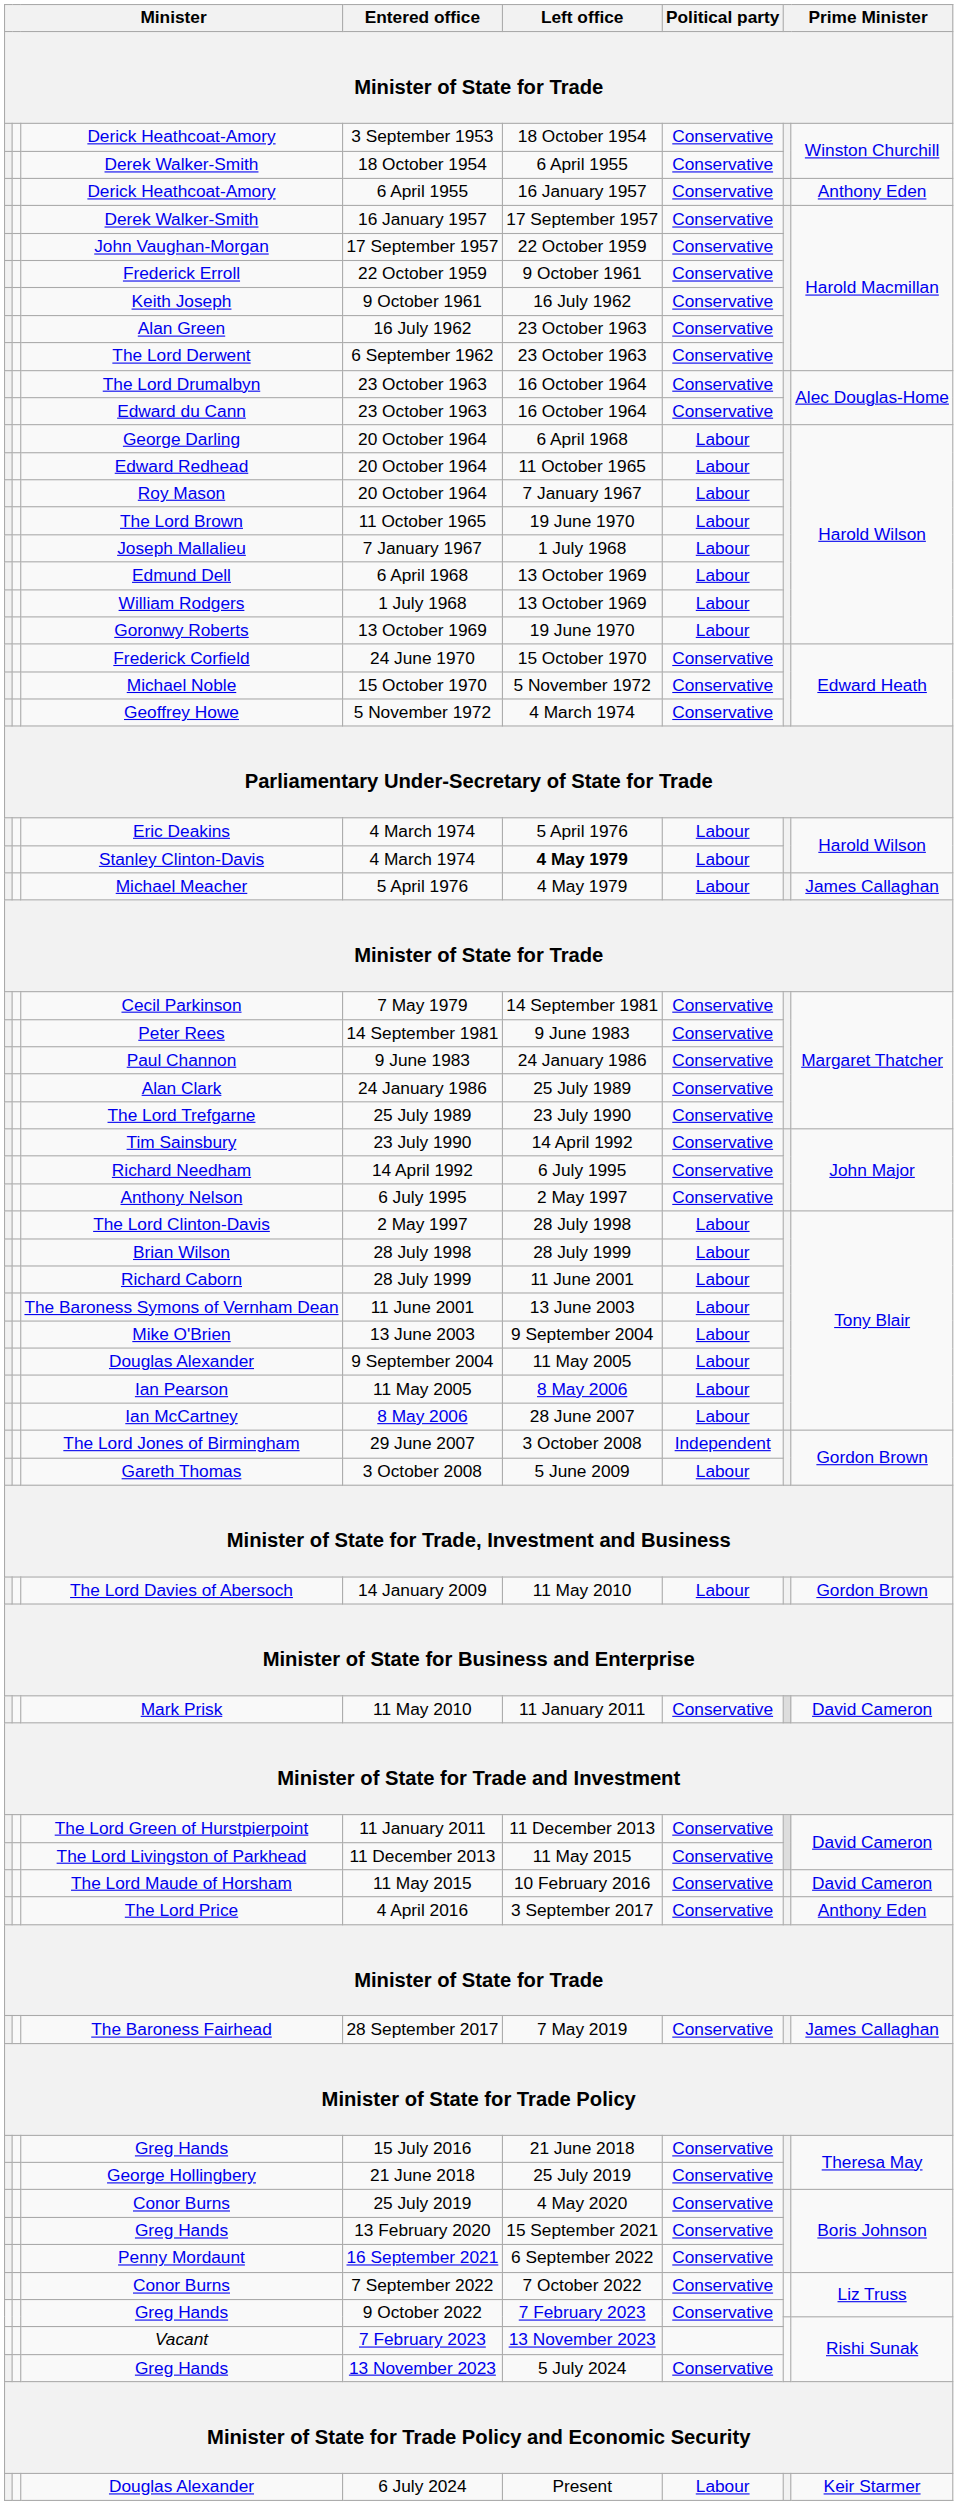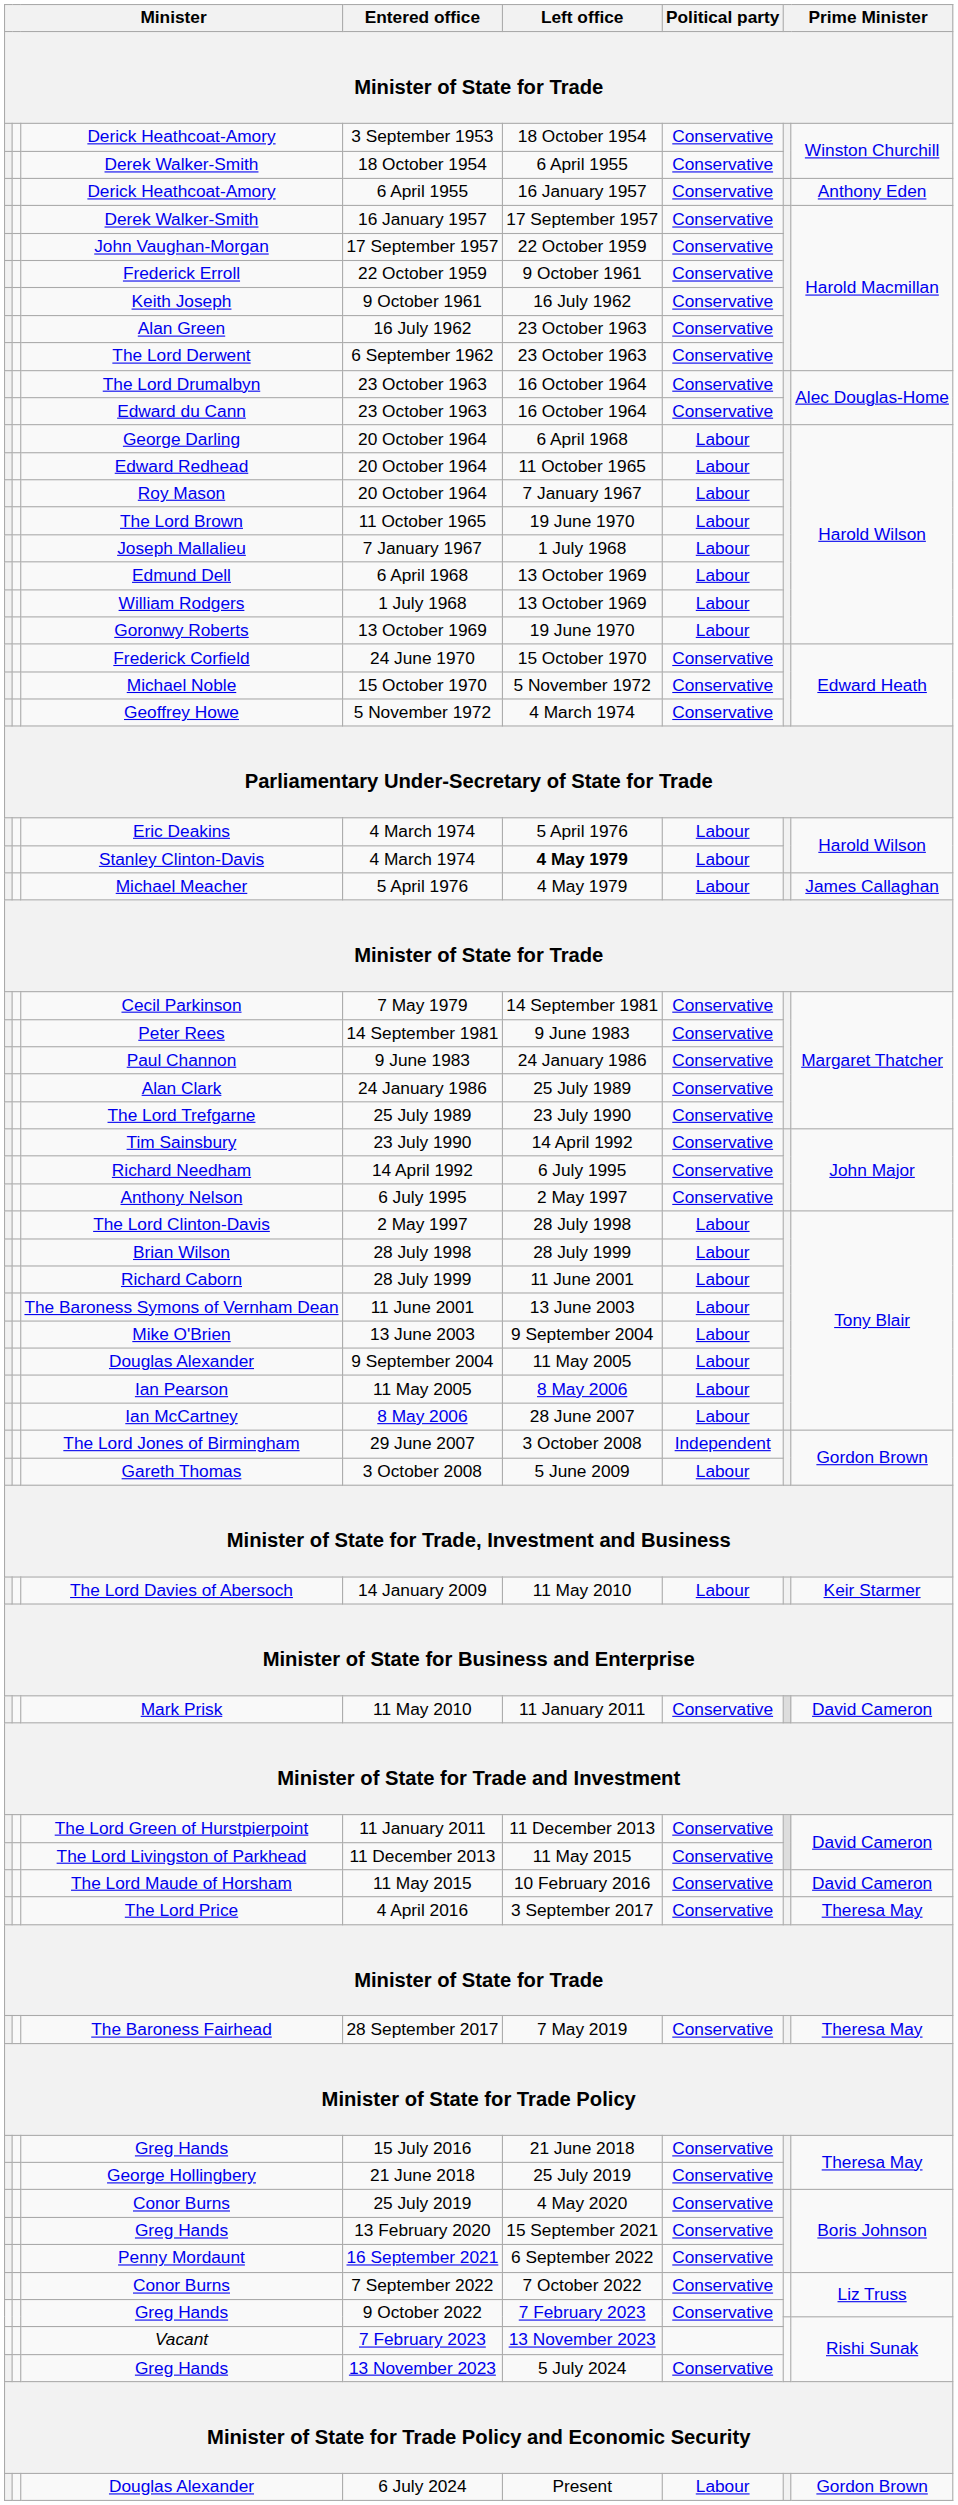 <table class="wikitable" style="text-align:center">
 <tr>
 <th colspan=3>Minister</th>
 <th>Entered office</th>
 <th>Left office</th>
 <th>Political party</th>
 <th colspan=2>Prime Minister</th>
 </tr>
 <tr>
 <th colspan=99><br><h3>Minister of State for Trade</h3></th>
 </tr>
 <tr style="height:1em">
 <th style="background-color:"></th>
 <td></td>
 <td><a href='#'>Derick Heathcoat-Amory</a></td>
 <td>3 September 1953</td>
 <td>18 October 1954</td>
 <td><a href='#'>Conservative</a></td>
 <th rowspan=2 style="background-color:"></th>
 <td rowspan=2><a href='#'>Winston Churchill</a></td>
 </tr>
 <tr style="height:1em">
 <th style="background-color:"></th>
 <td></td>
 <td><a href='#'>Derek Walker-Smith</a></td>
 <td>18 October 1954</td>
 <td>6 April 1955</td>
 <td><a href='#'>Conservative</a></td>
 </tr>
 <tr style="height:1em">
 <th style="background-color:"></th>
 <td></td>
 <td><a href='#'>Derick Heathcoat-Amory</a></td>
 <td>6 April 1955</td>
 <td>16 January 1957</td>
 <td><a href='#'>Conservative</a></td>
 <th style="background-color:"></th>
 <td><a href='#'>Anthony Eden</a></td>
 </tr>
 <tr style="height:1em">
 <th style="background-color:"></th>
 <td></td>
 <td><a href='#'>Derek Walker-Smith</a></td>
 <td>16 January 1957</td>
 <td>17 September 1957</td>
 <td><a href='#'>Conservative</a></td>
 <th rowspan=6 style="background-color:"></th>
 <td rowspan=6><a href='#'>Harold Macmillan</a></td>
 </tr>
 <tr style="height:1em">
 <th style="background-color:"></th>
 <td></td>
 <td><a href='#'>John Vaughan-Morgan</a></td>
 <td>17 September 1957</td>
 <td>22 October 1959</td>
 <td><a href='#'>Conservative</a></td>
 </tr>
 <tr style="height:1em">
 <th style="background-color:"></th>
 <td></td>
 <td><a href='#'>Frederick Erroll</a></td>
 <td>22 October 1959</td>
 <td>9 October 1961</td>
 <td><a href='#'>Conservative</a></td>
 </tr>
 <tr style="height:1em">
 <th style="background-color:"></th>
 <td></td>
 <td><a href='#'>Keith Joseph</a></td>
 <td>9 October 1961</td>
 <td>16 July 1962</td>
 <td><a href='#'>Conservative</a></td>
 </tr>
 <tr style="height:1em">
 <th style="background-color:"></th>
 <td></td>
 <td><a href='#'>Alan Green</a></td>
 <td>16 July 1962</td>
 <td>23 October 1963</td>
 <td><a href='#'>Conservative</a></td>
 </tr>
 <tr style="height:1em">
 <th style="background-color:"></th>
 <td></td>
 <td><a href='#'>The Lord Derwent</a></td>
 <td>6 September 1962</td>
 <td>23 October 1963</td>
 <td><a href='#'>Conservative</a></td>
 </tr>
 <tr style="height:1em">
 <th style="background-color:"></th>
 <td></td>
 <td><a href='#'>The Lord Drumalbyn</a></td>
 <td>23 October 1963</td>
 <td>16 October 1964</td>
 <td><a href='#'>Conservative</a></td>
 <th rowspan=2 style="background-color:"></th>
 <td rowspan=2><a href='#'>Alec Douglas-Home</a></td>
 </tr>
 <tr style="height:1em">
 <th style="background-color:"></th>
 <td></td>
 <td><a href='#'>Edward du Cann</a></td>
 <td>23 October 1963</td>
 <td>16 October 1964</td>
 <td><a href='#'>Conservative</a></td>
 </tr>
 <tr style="height:1em">
 <th style="background-color:"></th>
 <td></td>
 <td><a href='#'>George Darling</a></td>
 <td>20 October 1964</td>
 <td>6 April 1968</td>
 <td><a href='#'>Labour</a></td>
 <th rowspan=8 style="background-color:"></th>
 <td rowspan=8><a href='#'>Harold Wilson</a></td>
 </tr>
 <tr style="height:1em">
 <th style="background-color:"></th>
 <td></td>
 <td><a href='#'>Edward Redhead</a></td>
 <td>20 October 1964</td>
 <td>11 October 1965</td>
 <td><a href='#'>Labour</a></td>
 </tr>
 <tr style="height:1em">
 <th style="background-color:"></th>
 <td></td>
 <td><a href='#'>Roy Mason</a></td>
 <td>20 October 1964</td>
 <td>7 January 1967</td>
 <td><a href='#'>Labour</a></td>
 </tr>
 <tr style="height:1em">
 <th style="background-color:"></th>
 <td></td>
 <td><a href='#'>The Lord Brown</a></td>
 <td>11 October 1965</td>
 <td>19 June 1970</td>
 <td><a href='#'>Labour</a></td>
 </tr>
 <tr style="height:1em">
 <th style="background-color:"></th>
 <td></td>
 <td><a href='#'>Joseph Mallalieu</a></td>
 <td>7 January 1967</td>
 <td>1 July 1968</td>
 <td><a href='#'>Labour</a></td>
 </tr>
 <tr style="height:1em">
 <th style="background-color:"></th>
 <td></td>
 <td><a href='#'>Edmund Dell</a></td>
 <td>6 April 1968</td>
 <td>13 October 1969</td>
 <td><a href='#'>Labour</a></td>
 </tr>
 <tr style="height:1em">
 <th style="background-color:"></th>
 <td></td>
 <td><a href='#'>William Rodgers</a></td>
 <td>1 July 1968</td>
 <td>13 October 1969</td>
 <td><a href='#'>Labour</a></td>
 </tr>
 <tr style="height:1em">
 <th style="background-color:"></th>
 <td></td>
 <td><a href='#'>Goronwy Roberts</a></td>
 <td>13 October 1969</td>
 <td>19 June 1970</td>
 <td><a href='#'>Labour</a></td>
 </tr>
 <tr style="height:1em">
 <th style="background-color:"></th>
 <td></td>
 <td><a href='#'>Frederick Corfield</a></td>
 <td>24 June 1970</td>
 <td>15 October 1970</td>
 <td><a href='#'>Conservative</a></td>
 <th rowspan=3 style="background-color:"></th>
 <td rowspan=3><a href='#'>Edward Heath</a></td>
 </tr>
 <tr style="height:1em">
 <th style="background-color:"></th>
 <td></td>
 <td><a href='#'>Michael Noble</a></td>
 <td>15 October 1970</td>
 <td>5 November 1972</td>
 <td><a href='#'>Conservative</a></td>
 </tr>
 <tr style="height:1em">
 <th style="background-color:"></th>
 <td></td>
 <td><a href='#'>Geoffrey Howe</a></td>
 <td>5 November 1972</td>
 <td>4 March 1974</td>
 <td><a href='#'>Conservative</a></td>
 </tr>
 <tr>
 <th colspan=99><br><h3>Parliamentary Under-Secretary of State for Trade</h3></th>
 </tr>
 <tr style="height:1em">
 <th style="background-color:"></th>
 <td></td>
 <td><a href='#'>Eric Deakins</a></td>
 <td>4 March 1974</td>
 <td>5 April 1976</td>
 <td><a href='#'>Labour</a></td>
 <th rowspan=2 style="background-color:"></th>
 <td rowspan=2><a href='#'>Harold Wilson</a></td>
 </tr>
 <tr style="height:1em">
 <th style="background-color:"></th>
 <td></td>
 <td><a href='#'>Stanley Clinton-Davis</a></td>
 <td>4 March 1974</td>
 <td><strong>4 May 1979</strong></td>
 <td><a href='#'>Labour</a></td>
 </tr>
 <tr style="height:1em">
 <th style="background-color:"></th>
 <td></td>
 <td><a href='#'>Michael Meacher</a></td>
 <td>5 April 1976</td>
 <td>4 May 1979</td>
 <td><a href='#'>Labour</a></td>
 <th style="background-color:"></th>
 <td><a href='#'>James Callaghan</a></td>
 </tr>
 <tr>
 <th colspan=99><br><h3>Minister of State for Trade</h3></th>
 </tr>
 <tr style="height:1em">
 <th style="background-color:"></th>
 <td></td>
 <td><a href='#'>Cecil Parkinson</a></td>
 <td>7 May 1979</td>
 <td>14 September 1981</td>
 <td><a href='#'>Conservative</a></td>
 <th rowspan=5 style="background-color:"></th>
 <td rowspan=5><a href='#'>Margaret Thatcher</a></td>
 </tr>
 <tr style="height:1em">
 <th style="background-color:"></th>
 <td></td>
 <td><a href='#'>Peter Rees</a></td>
 <td>14 September 1981</td>
 <td>9 June 1983</td>
 <td><a href='#'>Conservative</a></td>
 </tr>
 <tr style="height:1em">
 <th style="background-color:"></th>
 <td></td>
 <td><a href='#'>Paul Channon</a></td>
 <td>9 June 1983</td>
 <td>24 January 1986</td>
 <td><a href='#'>Conservative</a></td>
 </tr>
 <tr style="height:1em">
 <th style="background-color:"></th>
 <td></td>
 <td><a href='#'>Alan Clark</a></td>
 <td>24 January 1986</td>
 <td>25 July 1989</td>
 <td><a href='#'>Conservative</a></td>
 </tr>
 <tr style="height:1em">
 <th style="background-color:"></th>
 <td></td>
 <td><a href='#'>The Lord Trefgarne</a></td>
 <td>25 July 1989</td>
 <td>23 July 1990</td>
 <td><a href='#'>Conservative</a></td>
 </tr>
 <tr style="height:1em">
 <th style="background-color:"></th>
 <td></td>
 <td><a href='#'>Tim Sainsbury</a></td>
 <td>23 July 1990</td>
 <td>14 April 1992</td>
 <td><a href='#'>Conservative</a></td>
 <th rowspan=3 style="background-color:"></th>
 <td rowspan=3><a href='#'>John Major</a></td>
 </tr>
 <tr style="height:1em">
 <th style="background-color:"></th>
 <td></td>
 <td><a href='#'>Richard Needham</a></td>
 <td>14 April 1992</td>
 <td>6 July 1995</td>
 <td><a href='#'>Conservative</a></td>
 </tr>
 <tr style="height:1em">
 <th style="background-color:"></th>
 <td></td>
 <td><a href='#'>Anthony Nelson</a></td>
 <td>6 July 1995</td>
 <td>2 May 1997</td>
 <td><a href='#'>Conservative</a></td>
 </tr>
 <tr style="height:1em">
 <th style="background-color:"></th>
 <td></td>
 <td><a href='#'>The Lord Clinton-Davis</a></td>
 <td>2 May 1997</td>
 <td>28 July 1998</td>
 <td><a href='#'>Labour</a></td>
 <th rowspan=8 style="background-color:"></th>
 <td rowspan=8><a href='#'>Tony Blair</a></td>
 </tr>
 <tr style="height:1em">
 <th style="background-color:"></th>
 <td></td>
 <td><a href='#'>Brian Wilson</a></td>
 <td>28 July 1998</td>
 <td>28 July 1999</td>
 <td><a href='#'>Labour</a></td>
 </tr>
 <tr style="height:1em">
 <th style="background-color:"></th>
 <td></td>
 <td><a href='#'>Richard Caborn</a></td>
 <td>28 July 1999</td>
 <td>11 June 2001</td>
 <td><a href='#'>Labour</a></td>
 </tr>
 <tr style="height:1em">
 <th style="background-color:"></th>
 <td></td>
 <td><a href='#'>The Baroness Symons of Vernham Dean</a></td>
 <td>11 June 2001</td>
 <td>13 June 2003</td>
 <td><a href='#'>Labour</a></td>
 </tr>
 <tr style="height:1em">
 <th style="background-color:"></th>
 <td></td>
 <td><a href='#'>Mike O'Brien</a></td>
 <td>13 June 2003</td>
 <td>9 September 2004</td>
 <td><a href='#'>Labour</a></td>
 </tr>
 <tr style="height:1em">
 <th style="background-color:"></th>
 <td></td>
 <td><a href='#'>Douglas Alexander</a></td>
 <td>9 September 2004</td>
 <td>11 May 2005</td>
 <td><a href='#'>Labour</a></td>
 </tr>
 <tr style="height:1em">
 <th style="background-color:"></th>
 <td></td>
 <td><a href='#'>Ian Pearson</a></td>
 <td>11 May 2005</td>
 <td><a href='#'>8 May 2006</a></td>
 <td><a href='#'>Labour</a></td>
 </tr>
 <tr style="height:1em">
 <th style="background-color:"></th>
 <td></td>
 <td><a href='#'>Ian McCartney</a></td>
 <td><a href='#'>8 May 2006</a></td>
 <td>28 June 2007</td>
 <td><a href='#'>Labour</a></td>
 </tr>
 <tr style="height:1em">
 <th style="background-color:"></th>
 <td></td>
 <td><a href='#'>The Lord Jones of Birmingham</a></td>
 <td>29 June 2007</td>
 <td>3 October 2008</td>
 <td><a href='#'>Independent</a></td>
 <th rowspan=2 style="background-color:"></th>
 <td rowspan=2><a href='#'>Gordon Brown</a></td>
 </tr>
 <tr style="height:1em">
 <th style="background-color:"></th>
 <td></td>
 <td><a href='#'>Gareth Thomas</a></td>
 <td>3 October 2008</td>
 <td>5 June 2009</td>
 <td><a href='#'>Labour</a></td>
 </tr>
 <tr>
 <th colspan=99><br><h3>Minister of State for Trade, Investment and Business</h3></th>
 </tr>
 <tr style="height:1em">
 <th style="background-color:"></th>
 <td></td>
 <td><a href='#'>The Lord Davies of Abersoch</a></td>
 <td>14 January 2009</td>
 <td>11 May 2010</td>
 <td><a href='#'>Labour</a></td>
 <th style="background-color:"></th>
-<td><a href='#'>Gordon Brown</a></td>
+<td><a href='#'>Keir Starmer</a></td>
 </tr>
 <tr>
 <th colspan=99><br><h3>Minister of State for Business and Enterprise</h3></th>
 </tr>
 <tr style="height:1em">
 <th style="background-color:"></th>
 <td></td>
 <td><a href='#'>Mark Prisk</a></td>
 <td>11 May 2010</td>
 <td>11 January 2011</td>
 <td><a href='#'>Conservative</a></td>
 <th style="background-color:#ddd"></th>
 <td><a href='#'>David Cameron</a></td>
 </tr>
 <tr>
 <th colspan=99><br><h3>Minister of State for Trade and Investment</h3></th>
 </tr>
 <tr style="height:1em">
 <th style="background-color:"></th>
 <td></td>
 <td><a href='#'>The Lord Green of Hurstpierpoint</a></td>
 <td>11 January 2011</td>
 <td>11 December 2013</td>
 <td><a href='#'>Conservative</a></td>
 <th rowspan=2 style="background-color:#ddd"></th>
 <td rowspan=2><a href='#'>David Cameron</a></td>
 </tr>
 <tr style="height:1em">
 <th style="background-color:"></th>
 <td></td>
 <td><a href='#'>The Lord Livingston of Parkhead</a></td>
 <td>11 December 2013</td>
 <td>11 May 2015</td>
 <td><a href='#'>Conservative</a></td>
 </tr>
 <tr style="height:1em">
 <th style="background-color:"></th>
 <td></td>
 <td><a href='#'>The Lord Maude of Horsham</a></td>
 <td>11 May 2015</td>
 <td>10 February 2016</td>
 <td><a href='#'>Conservative</a></td>
 <th style="background-color:"></th>
 <td><a href='#'>David Cameron</a></td>
 </tr>
 <tr style="height:1em">
 <th style="background-color:"></th>
 <td></td>
 <td><a href='#'>The Lord Price</a></td>
 <td>4 April 2016</td>
 <td>3 September 2017</td>
 <td><a href='#'>Conservative</a></td>
 <th style="background-color:"></th>
-<td><a href='#'>Anthony Eden</a></td>
+<td><a href='#'>Theresa May</a></td>
 </tr>
 <tr>
 <th colspan=99><br><h3>Minister of State for Trade</h3></th>
 </tr>
 <tr style="height:1em">
 <th style="background-color:"></th>
 <td></td>
 <td><a href='#'>The Baroness Fairhead</a></td>
 <td>28 September 2017</td>
 <td>7 May 2019</td>
 <td><a href='#'>Conservative</a></td>
 <th style="background-color:"></th>
-<td><a href='#'>James Callaghan</a></td>
+<td><a href='#'>Theresa May</a></td>
 </tr>
 <tr>
 <th colspan=99><br><h3>Minister of State for Trade Policy</h3></th>
 </tr>
 <tr style="height:1em">
 <th style="background-color:"></th>
 <td></td>
 <td><a href='#'>Greg Hands</a></td>
 <td>15 July 2016</td>
 <td>21 June 2018</td>
 <td><a href='#'>Conservative</a></td>
 <th rowspan=2 style="background-color:"></th>
 <td rowspan=2><a href='#'>Theresa May</a></td>
 </tr>
 <tr style="height:1em">
 <th style="background-color:"></th>
 <td></td>
 <td><a href='#'>George Hollingbery</a></td>
 <td>21 June 2018</td>
 <td>25 July 2019</td>
 <td><a href='#'>Conservative</a></td>
 </tr>
 <tr style="height:1em">
 <th style="background-color:"></th>
 <td></td>
 <td><a href='#'>Conor Burns</a></td>
 <td>25 July 2019</td>
 <td>4 May 2020</td>
 <td><a href='#'>Conservative</a></td>
 <th rowspan=3 style="background-color:"></th>
 <td rowspan=3><a href='#'>Boris Johnson</a></td>
 </tr>
 <tr style="height:1em">
 <th style="background-color:"></th>
 <td></td>
 <td><a href='#'>Greg Hands</a></td>
 <td>13 February 2020</td>
 <td>15 September 2021</td>
 <td><a href='#'>Conservative</a></td>
 </tr>
 <tr style="height:1em">
 <th style="background-color:"></th>
 <td></td>
 <td><a href='#'>Penny Mordaunt</a></td>
 <td><a href='#'>16 September 2021</a></td>
 <td>6 September 2022</td>
 <td><a href='#'>Conservative</a></td>
 </tr>
 <tr style="height:1em">
 <th style="background-color:"></th>
 <td></td>
 <td><a href='#'>Conor Burns</a></td>
 <td>7 September 2022</td>
 <td>7 October 2022</td>
 <td><a href='#'>Conservative</a></td>
 <td rowspan=2 style="background-color:"></td>
 <td rowspan=2><a href='#'>Liz Truss</a></td>
 </tr>
 <tr style="height:1em">
 <td rowspan=2 style="background-color:"></td>
 <td rowspan=2></td>
 <td rowspan=2><a href='#'>Greg Hands</a></td>
 <td rowspan=2>9 October 2022</td>
 <td rowspan=2><a href='#'>7 February 2023</a></td>
 <td rowspan=2><a href='#'>Conservative</a></td>
 </tr>
 <tr>
 <td rowspan=3 style="background-color:"></td>
 <td rowspan=3><a href='#'>Rishi Sunak</a></td>
 </tr>
 <tr style="height:1em">
 <td></td>
 <td></td>
 <td><em>Vacant</em></td>
 <td><a href='#'>7 February 2023</a></td>
 <td><a href='#'>13 November 2023</a></td>
 <td></td>
 </tr>
 <tr style="height:1em">
 <th style="background-color:"></th>
 <td></td>
 <td><a href='#'>Greg Hands</a></td>
 <td><a href='#'>13 November 2023</a></td>
 <td>5 July 2024</td>
 <td><a href='#'>Conservative</a></td>
 </tr>
 <tr>
 <th colspan=99><br><h3>Minister of State for Trade Policy and Economic Security</h3></th>
 </tr>
 <tr style="height:1em">
 <th style="background-color:"></th>
 <td></td>
 <td><a href='#'>Douglas Alexander</a></td>
 <td>6 July 2024</td>
 <td>Present</td>
 <td><a href='#'>Labour</a></td>
 <th style="background-color:"></th>
-<td><a href='#'>Keir Starmer</a></td>
+<td><a href='#'>Gordon Brown</a></td>
 </tr>
 </table>
